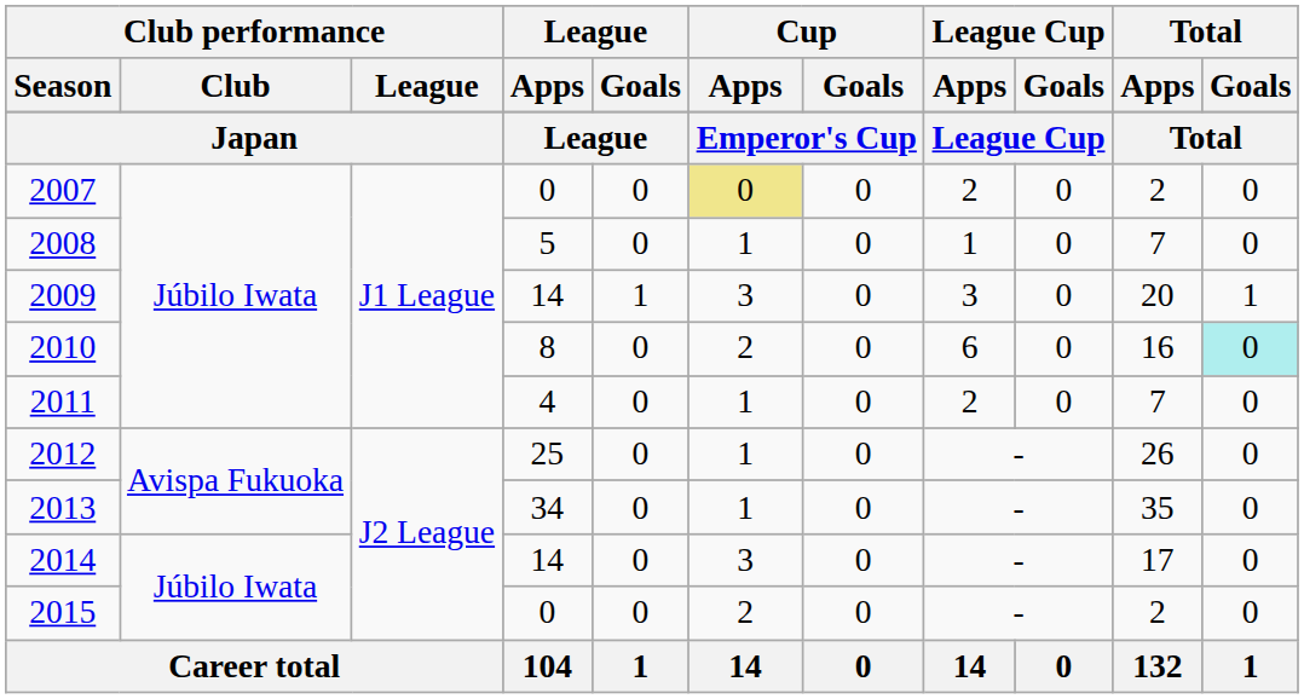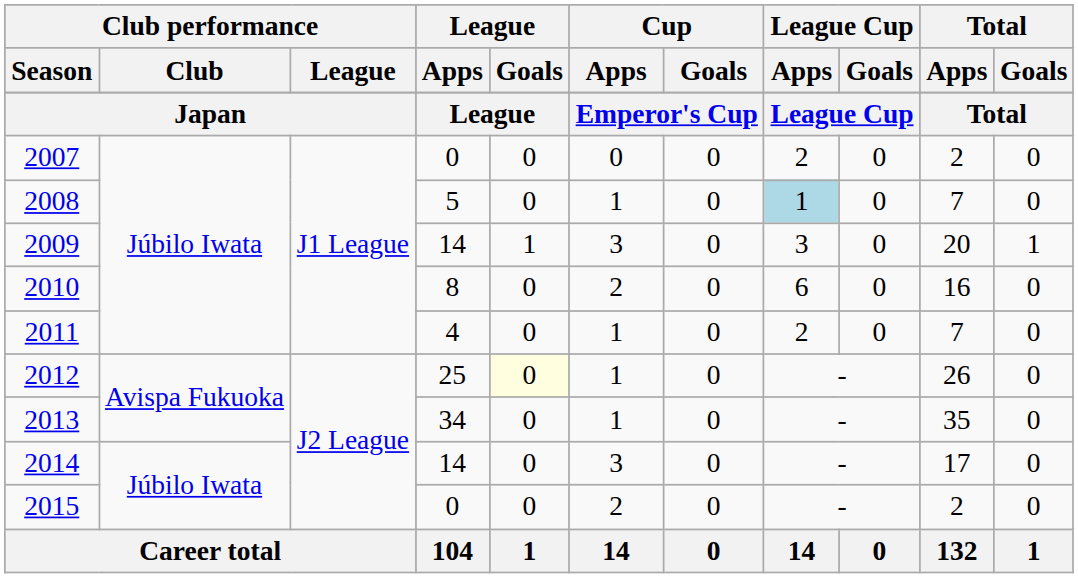 <table class="wikitable" style="text-align:center">
 <tr>
 <th colspan=3>Club performance</th>
 <th colspan=2>League</th>
 <th colspan=2>Cup</th>
 <th colspan=2>League Cup</th>
 <th colspan=2>Total</th>
 </tr>
 <tr>
 <th>Season</th>
 <th>Club</th>
 <th>League</th>
 <th>Apps</th>
 <th>Goals</th>
 <th>Apps</th>
 <th>Goals</th>
 <th>Apps</th>
 <th>Goals</th>
 <th>Apps</th>
 <th>Goals</th>
 </tr>
 <tr>
 </tr>
 <tr>
 <th colspan=3>Japan</th>
 <th colspan=2>League</th>
 <th colspan=2><a href='#'>Emperor's Cup</a></th>
 <th colspan=2><a href='#'>League Cup</a></th>
 <th colspan=2>Total</th>
 </tr>
 <tr>
 <td><a href='#'>2007</a></td>
 <td rowspan="5"><a href='#'>Júbilo Iwata</a></td>
 <td rowspan="5"><a href='#'>J1 League</a></td>
 <td>0</td>
 <td>0</td>
-<td style="background: khaki;">0</td>
+<td>0</td>
 <td>0</td>
 <td>2</td>
 <td>0</td>
 <td>2</td>
 <td>0</td>
 </tr>
 <tr>
 <td><a href='#'>2008</a></td>
 <td>5</td>
 <td>0</td>
 <td>1</td>
 <td>0</td>
-<td>1</td>
+<td style="background: lightblue;">1</td>
 <td>0</td>
 <td>7</td>
 <td>0</td>
 </tr>
 <tr>
 <td><a href='#'>2009</a></td>
 <td>14</td>
 <td>1</td>
 <td>3</td>
 <td>0</td>
 <td>3</td>
 <td>0</td>
 <td>20</td>
 <td>1</td>
 </tr>
 <tr>
 <td><a href='#'>2010</a></td>
 <td>8</td>
 <td>0</td>
 <td>2</td>
 <td>0</td>
 <td>6</td>
 <td>0</td>
 <td>16</td>
-<td style="background: paleturquoise;">0</td>
+<td>0</td>
 </tr>
 <tr>
 <td><a href='#'>2011</a></td>
 <td>4</td>
 <td>0</td>
 <td>1</td>
 <td>0</td>
 <td>2</td>
 <td>0</td>
 <td>7</td>
 <td>0</td>
 </tr>
 <tr>
 <td><a href='#'>2012</a></td>
 <td rowspan="2"><a href='#'>Avispa Fukuoka</a></td>
 <td rowspan="4"><a href='#'>J2 League</a></td>
 <td>25</td>
-<td>0</td>
+<td style="background: lightyellow;">0</td>
 <td>1</td>
 <td>0</td>
 <td colspan="2">-</td>
 <td>26</td>
 <td>0</td>
 </tr>
 <tr>
 <td><a href='#'>2013</a></td>
 <td>34</td>
 <td>0</td>
 <td>1</td>
 <td>0</td>
 <td colspan="2">-</td>
 <td>35</td>
 <td>0</td>
 </tr>
 <tr>
 <td><a href='#'>2014</a></td>
 <td rowspan="2"><a href='#'>Júbilo Iwata</a></td>
 <td>14</td>
 <td>0</td>
 <td>3</td>
 <td>0</td>
 <td colspan="2">-</td>
 <td>17</td>
 <td>0</td>
 </tr>
 <tr>
 <td><a href='#'>2015</a></td>
 <td>0</td>
 <td>0</td>
 <td>2</td>
 <td>0</td>
 <td colspan="2">-</td>
 <td>2</td>
 <td>0</td>
 </tr>
 <tr>
 <th colspan=3>Career total</th>
 <th>104</th>
 <th>1</th>
 <th>14</th>
 <th>0</th>
 <th>14</th>
 <th>0</th>
 <th>132</th>
 <th>1</th>
 </tr>
 </table>
